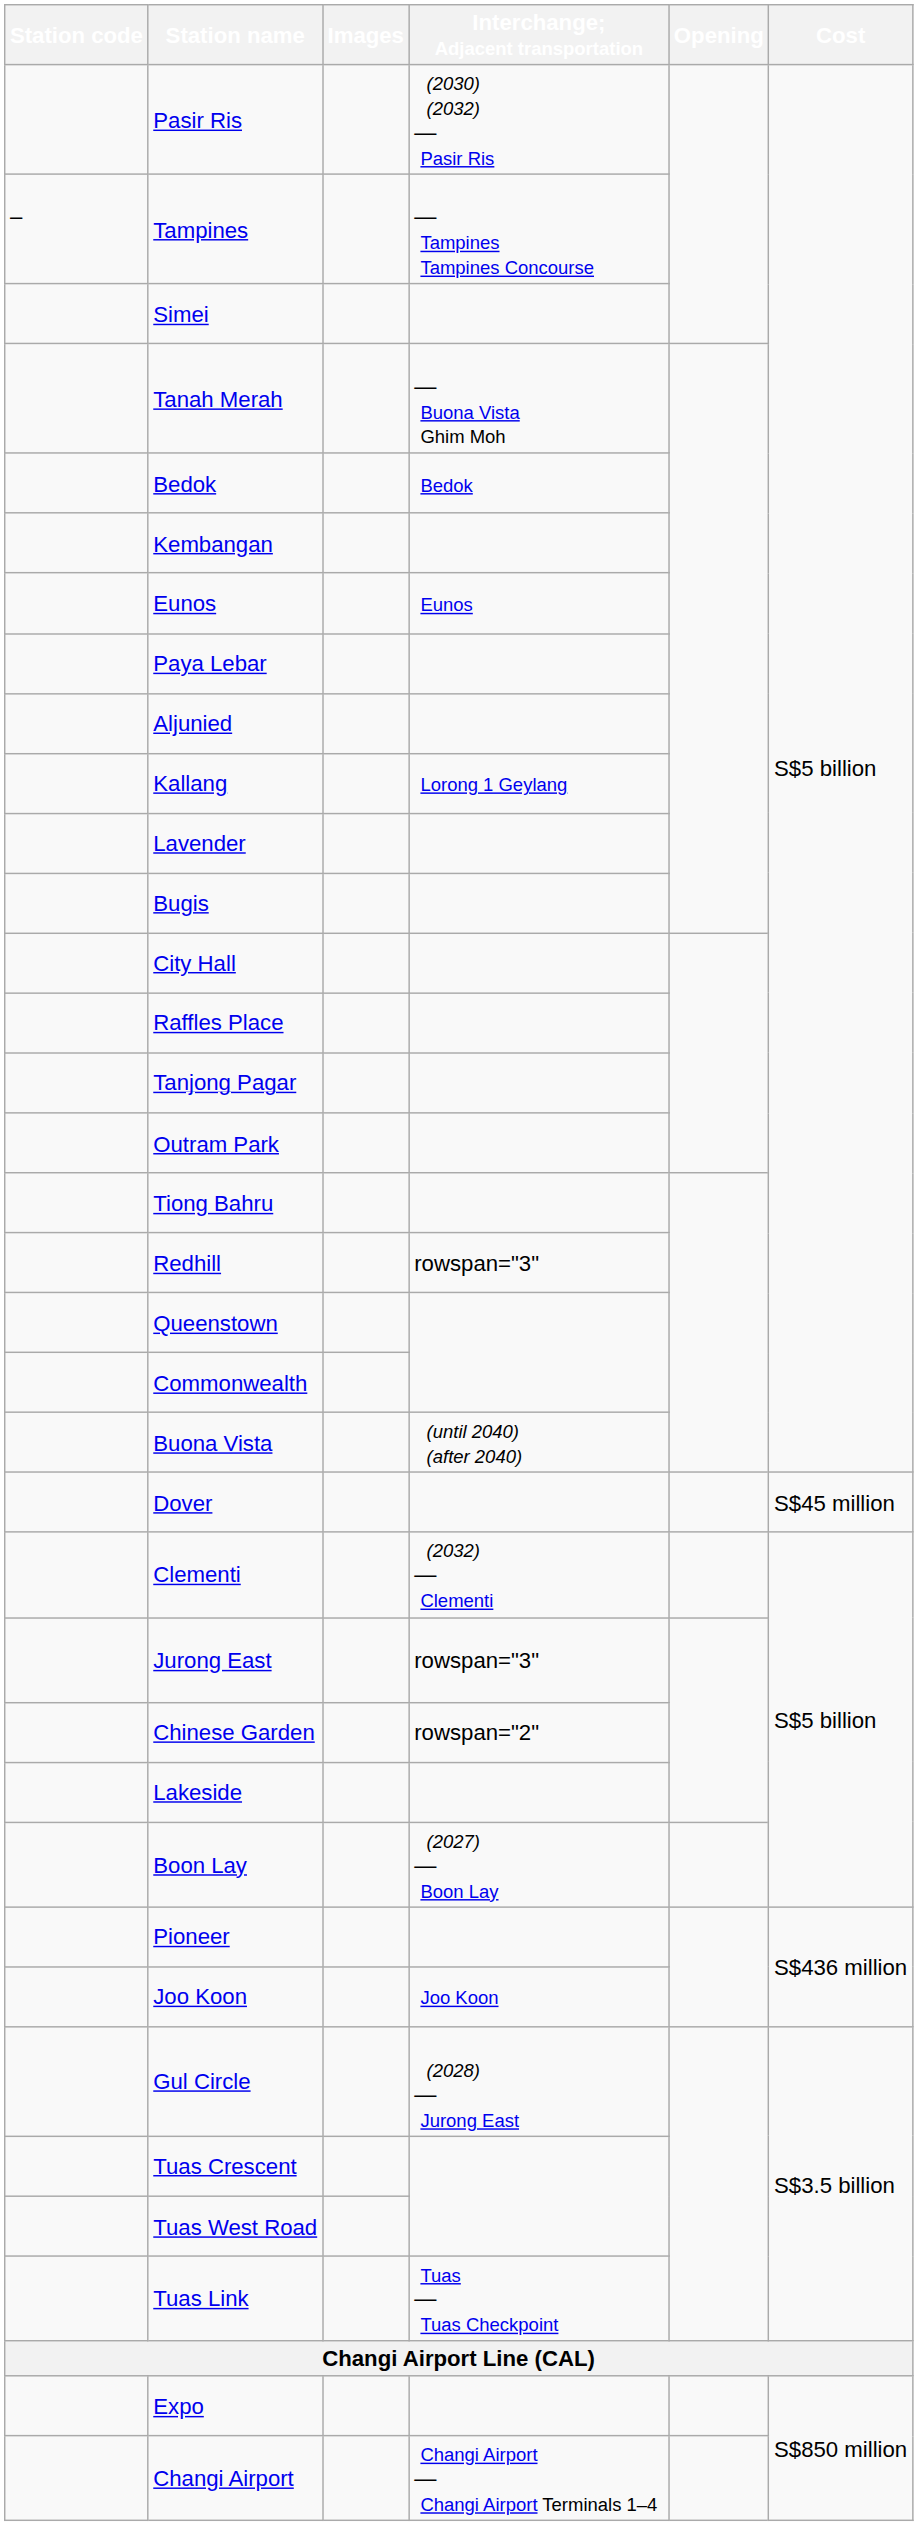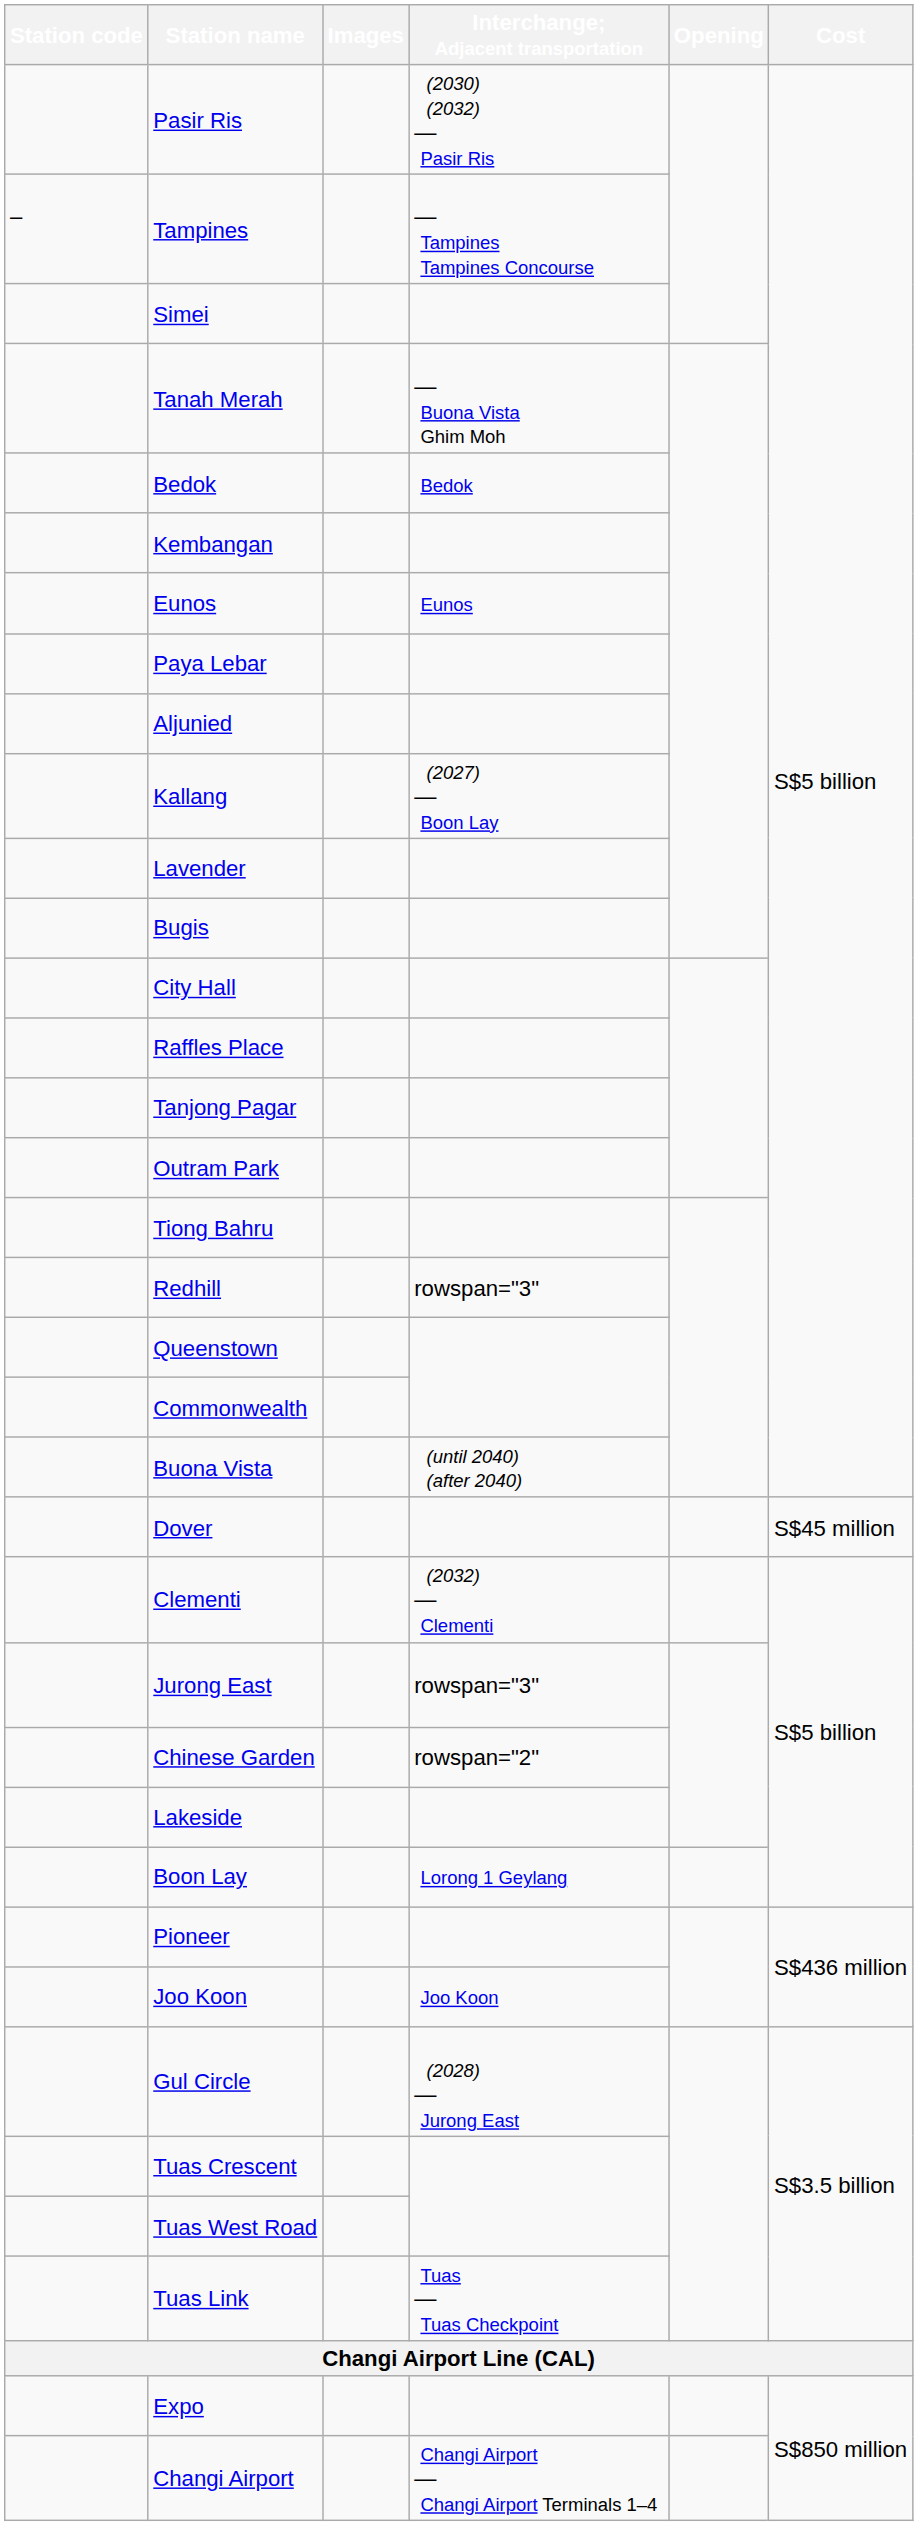 <table class="wikitable" style="color: black; border-collapse: collapse; font-size: 95%">
 <tr>
 <th scope="col" style="color: white; background:#">Station code</th>
 <th scope="col" style="color: white; background:#">Station name</th>
 <th scope="col" style="color: white; background:#">Images</th>
 <th scope="col" style="color: white; background:#">Interchange;<br><small>Adjacent transportation</small></th>
 <th scope="col" style="color: white; background:#">Opening</th>
 <th scope="col" style="color: white; background:#">Cost</th>
 </tr>
 <tr>
 <td scope="row"> <br>  <br>  </td>
 <td><a href='#'>Pasir Ris</a></td>
 <td></td>
 <td>  <small><em>(2030)</em></small> <br>   <small><em>(2032)</em></small><br> ― <br> <small><a href='#'>Pasir Ris</a></small></td>
 <td rowspan="3"></td>
 <td rowspan="21">S$5 billion</td>
 </tr>
 <tr>
 <td scope="row">– <br>   </td>
 <td><a href='#'>Tampines</a></td>
 <td></td>
 <td>  <br> ― <br> <small><a href='#'>Tampines</a></small><br> <small><a href='#'>Tampines Concourse</a></small></td>
 </tr>
 <tr>
 <td scope="row"> <br>  </td>
 <td><a href='#'>Simei</a></td>
 <td></td>
 <td></td>
 </tr>
 <tr>
 <td scope="row"> <br> </td>
 <td><a href='#'>Tanah Merah</a></td>
 <td></td>
 <td> <br> ― <br> <small><a href='#'>Buona Vista</a></small><br> <small>Ghim Moh</small></td>
 <td rowspan="9"></td>
 </tr>
 <tr>
 <td scope="row"> <br>  </td>
 <td><a href='#'>Bedok</a></td>
 <td></td>
 <td> <small><a href='#'>Bedok</a></small></td>
 </tr>
 <tr>
 <td scope="row"> <br>  </td>
 <td><a href='#'>Kembangan</a></td>
 <td></td>
 <td></td>
 </tr>
 <tr>
 <td scope="row"> <br>  </td>
 <td><a href='#'>Eunos</a></td>
 <td></td>
 <td> <small><a href='#'>Eunos</a></small></td>
 </tr>
 <tr>
 <td scope="row"> <br>  </td>
 <td><a href='#'>Paya Lebar</a></td>
 <td></td>
 <td> </td>
 </tr>
 <tr>
 <td scope="row"> <br>  </td>
 <td><a href='#'>Aljunied</a></td>
 <td></td>
 <td></td>
 </tr>
 <tr .>
 <td scope="row"> <br>  </td>
 <td><a href='#'>Kallang</a></td>
 <td></td>
-<td> <small><a href='#'>Lorong 1 Geylang</a></small></td>
+<td>  <small><em>(2027)</em></small><br> ― <br> <small><a href='#'>Boon Lay</a></small></td>
 </tr>
 <tr>
 <td scope="row"> <br>   </td>
 <td><a href='#'>Lavender</a></td>
 <td></td>
 <td></td>
 </tr>
 <tr>
 <td scope="row"> <br>   </td>
 <td><a href='#'>Bugis</a></td>
 <td></td>
 <td> </td>
 </tr>
 <tr>
 <td scope="row"> <br>   </td>
 <td><a href='#'>City Hall</a></td>
 <td></td>
 <td> </td>
 <td rowspan="4"></td>
 </tr>
 <tr>
 <td scope="row"> <br>   </td>
 <td><a href='#'>Raffles Place</a></td>
 <td></td>
 <td> </td>
 </tr>
 <tr>
 <td scope="row"> <br>  </td>
 <td><a href='#'>Tanjong Pagar</a></td>
 <td></td>
 <td></td>
 </tr>
 <tr>
 <td scope="row"> <br>   </td>
 <td><a href='#'>Outram Park</a></td>
 <td></td>
 <td>  <br>   </td>
 </tr>
 <tr>
 <td scope="row"> <br>   </td>
 <td><a href='#'>Tiong Bahru</a></td>
 <td></td>
 <td></td>
 <td rowspan="5"></td>
 </tr>
 <tr>
 <td scope="row"> <br>  </td>
 <td><a href='#'>Redhill</a></td>
 <td></td>
 <td>rowspan="3" </td>
 </tr>
 <tr>
 <td scope="row"> <br>  </td>
 <td><a href='#'>Queenstown</a></td>
 <td></td>
 </tr>
 <tr>
 <td scope="row"> <br>  </td>
 <td><a href='#'>Commonwealth</a></td>
 <td></td>
 </tr>
 <tr>
 <td scope="row"> <br>   </td>
 <td><a href='#'>Buona Vista</a></td>
 <td></td>
 <td>  <small><em>(until 2040)</em></small> <br>   <small><em>(after 2040)</em></small></td>
 </tr>
 <tr>
 <td scope="row"> <br>  </td>
 <td><a href='#'>Dover</a></td>
 <td></td>
 <td></td>
 <td></td>
 <td>S$45 million</td>
 </tr>
 <tr>
 <td scope="row"> <br>  </td>
 <td><a href='#'>Clementi</a></td>
 <td></td>
 <td>  <small><em>(2032)</em></small><br> ― <br> <small><a href='#'>Clementi</a></small></td>
 <td></td>
 <td rowspan="5">S$5 billion</td>
 </tr>
 <tr>
 <td scope="row"> <br>  <br>  </td>
 <td><a href='#'>Jurong East</a></td>
 <td></td>
 <td>rowspan="3" </td>
 <td rowspan="3"></td>
 </tr>
 <tr>
 <td scope="row"> <br>  </td>
 <td><a href='#'>Chinese Garden</a></td>
 <td></td>
 <td>rowspan="2" </td>
 </tr>
 <tr>
 <td scope="row"> <br>  </td>
 <td><a href='#'>Lakeside</a></td>
 <td></td>
 </tr>
 <tr>
 <td scope="row"> <br>  </td>
 <td><a href='#'>Boon Lay</a></td>
 <td></td>
-<td>  <small><em>(2027)</em></small><br> ― <br> <small><a href='#'>Boon Lay</a></small></td>
+<td> <small><a href='#'>Lorong 1 Geylang</a></small></td>
 <td></td>
 </tr>
 <tr>
 <td scope="row"> <br>  </td>
 <td><a href='#'>Pioneer</a></td>
 <td></td>
 <td></td>
 <td rowspan="2"></td>
 <td rowspan="2">S$436 million</td>
 </tr>
 <tr>
 <td scope="row"> <br>  </td>
 <td><a href='#'>Joo Koon</a></td>
 <td></td>
 <td> <small><a href='#'>Joo Koon</a></small></td>
 </tr>
 <tr>
 <td scope="row"> <br>  </td>
 <td><a href='#'>Gul Circle</a></td>
 <td></td>
 <td>  <br>   <small><em>(2028)</em></small><br> ― <br> <small><a href='#'>Jurong East</a></small></td>
 <td rowspan="4"></td>
 <td rowspan="4">S$3.5 billion</td>
 </tr>
 <tr>
 <td scope="row"> <br>  </td>
 <td><a href='#'>Tuas Crescent</a></td>
 <td></td>
 </tr>
 <tr>
 <td scope="row"> <br>  </td>
 <td><a href='#'>Tuas West Road</a></td>
 <td></td>
 </tr>
 <tr>
 <td scope="row"> <br>  <br>  </td>
 <td><a href='#'>Tuas Link</a></td>
 <td></td>
 <td> <small><a href='#'>Tuas</a></small><br> ― <br> <small><a href='#'>Tuas Checkpoint</a></small> </td>
 </tr>
 <tr>
 <th colspan="6">Changi Airport Line (CAL)</th>
 </tr>
 <tr>
 <td scope="row"> <br>  </td>
 <td><a href='#'>Expo</a></td>
 <td></td>
 <td> </td>
 <td></td>
 <td rowspan="2">S$850 million</td>
 </tr>
 <tr>
 <td scope="row"> <br>  <br> </td>
 <td><a href='#'>Changi Airport</a></td>
 <td></td>
 <td> <small><a href='#'>Changi Airport</a></small><br> ― <br> <small><a href='#'>Changi Airport</a> Terminals 1–4</small> </td>
 <td></td>
 </tr>
 </table>
